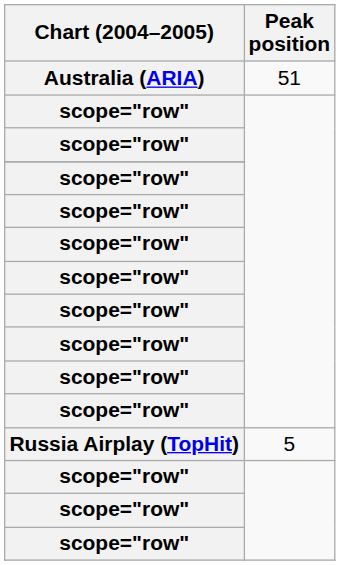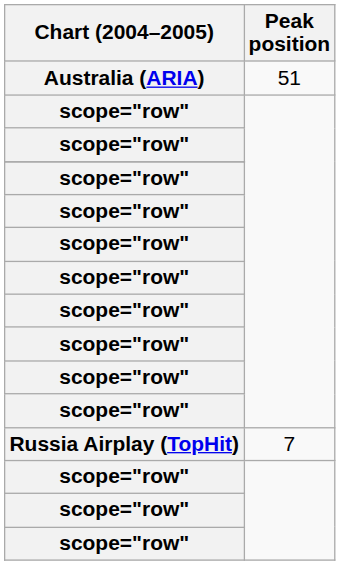 <table class="wikitable sortable plainrowheaders" style="text-align:center;">
 <tr>
 <th scope="col">Chart (2004–2005)</th>
 <th scope="col">Peak<br>position</th>
 </tr>
 <tr>
 <th scope="row">Australia (<a href='#'>ARIA</a>)</th>
 <td>51</td>
 </tr>
 <tr>
 <th>scope="row"</th>
 </tr>
 <tr>
 <th>scope="row"</th>
 </tr>
 <tr>
 </tr>
 <tr>
 <th>scope="row"</th>
 </tr>
 <tr>
 <th>scope="row"</th>
 </tr>
 <tr>
 <th>scope="row"</th>
 </tr>
 <tr>
 <th>scope="row"</th>
 </tr>
 <tr>
 <th>scope="row"</th>
 </tr>
 <tr>
 <th>scope="row"</th>
 </tr>
 <tr>
 <th>scope="row"</th>
 </tr>
 <tr>
 <th>scope="row"</th>
 </tr>
 <tr>
 <th scope="row">Russia Airplay (<a href='#'>TopHit</a>)</th>
-<td>5</td>
+<td>7</td>
 </tr>
 <tr>
 <th>scope="row"</th>
 </tr>
 <tr>
 <th>scope="row"</th>
 </tr>
 <tr>
 <th>scope="row"</th>
 </tr>
 </table>
